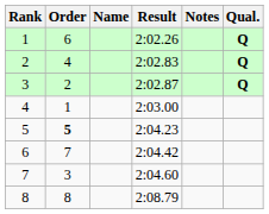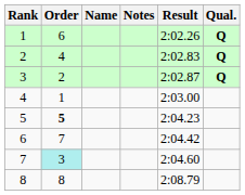 <table class="wikitable sortable" style="text-align:center">
 <tr>
 <th>Rank</th>
 <th>Order</th>
 <th>Name</th>
+<th>Notes</th>
 <th>Result</th>
-<th>Notes</th>
 <th>Qual.</th>
 </tr>
 <tr style="background:#cfc;">
 <td>1</td>
 <td>6</td>
 <td align="left"></td>
+<td></td>
 <td>2:02.26</td>
-<td></td>
 <td><strong>Q</strong></td>
 </tr>
 <tr style="background:#cfc;">
 <td>2</td>
 <td>4</td>
 <td align="left"></td>
+<td></td>
 <td>2:02.83</td>
-<td></td>
 <td><strong>Q</strong></td>
 </tr>
 <tr style="background:#cfc;">
 <td>3</td>
 <td>2</td>
 <td align="left"></td>
+<td></td>
 <td>2:02.87</td>
-<td></td>
 <td><strong>Q</strong></td>
 </tr>
 <tr>
 <td>4</td>
 <td>1</td>
 <td align="left"></td>
+<td></td>
 <td>2:03.00</td>
-<td></td>
 <td></td>
 </tr>
 <tr>
 <td>5</td>
 <td><strong>5</strong></td>
 <td align="left"></td>
+<td></td>
 <td>2:04.23</td>
-<td></td>
 <td></td>
 </tr>
 <tr>
 <td>6</td>
 <td>7</td>
 <td align="left"></td>
+<td></td>
 <td>2:04.42</td>
-<td></td>
 <td></td>
 </tr>
 <tr>
 <td>7</td>
-<td>3</td>
+<td style="background: paleturquoise;">3</td>
 <td align="left"></td>
+<td></td>
 <td>2:04.60</td>
-<td></td>
 <td></td>
 </tr>
 <tr>
 <td>8</td>
 <td>8</td>
 <td align="left"></td>
+<td></td>
 <td>2:08.79</td>
-<td></td>
 <td></td>
 </tr>
 </table>
